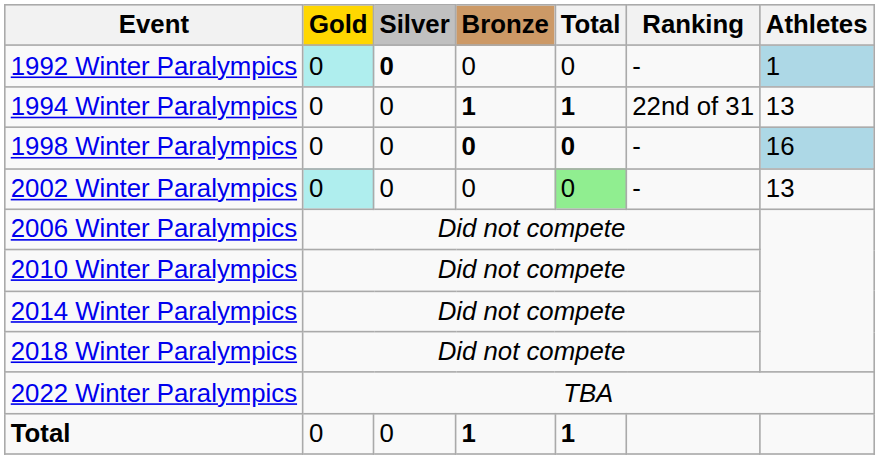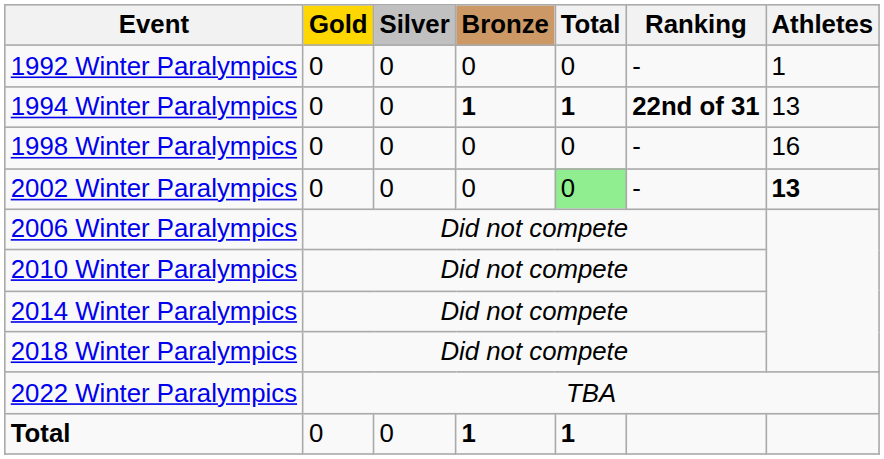 <table class="wikitable">
 <tr>
 <th>Event</th>
 <td style="background:gold; font-weight:bold;">Gold</td>
 <td style="background:silver; font-weight:bold;">Silver</td>
 <td style="background:#cc9966; font-weight:bold;">Bronze</td>
 <th>Total</th>
 <th>Ranking</th>
 <th>Athletes</th>
 </tr>
 <tr>
 <td><a href='#'>1992 Winter Paralympics</a></td>
-<td style="background: paleturquoise;">0</td>
-<td><strong>0</strong></td>
+<td>0</td>
+<td>0</td>
 <td>0</td>
 <td>0</td>
 <td>-</td>
-<td style="background: lightblue;">1</td>
+<td>1</td>
 </tr>
 <tr>
 <td><a href='#'>1994 Winter Paralympics</a></td>
 <td>0</td>
 <td>0</td>
 <td><strong>1</strong></td>
 <td><strong>1</strong></td>
-<td>22nd of 31</td>
+<td><strong>22nd of 31</strong></td>
 <td>13</td>
 </tr>
 <tr>
 <td><a href='#'>1998 Winter Paralympics</a></td>
 <td>0</td>
 <td>0</td>
-<td><strong>0</strong></td>
-<td><strong>0</strong></td>
+<td>0</td>
+<td>0</td>
 <td>-</td>
-<td style="background: lightblue;">16</td>
+<td>16</td>
 </tr>
 <tr>
 <td><a href='#'>2002 Winter Paralympics</a></td>
-<td style="background: paleturquoise;">0</td>
+<td>0</td>
 <td>0</td>
 <td>0</td>
 <td style="background: lightgreen;">0</td>
 <td>-</td>
-<td>13</td>
+<td><strong>13</strong></td>
 </tr>
 <tr>
 <td><a href='#'>2006 Winter Paralympics</a></td>
 <td align="center" colspan="5"><em>Did not compete</em></td>
 </tr>
 <tr>
 <td><a href='#'>2010 Winter Paralympics</a></td>
 <td align="center" colspan="5"><em>Did not compete</em></td>
 </tr>
 <tr>
 <td><a href='#'>2014 Winter Paralympics</a></td>
 <td align="center" colspan="5"><em>Did not compete</em></td>
 </tr>
 <tr>
 <td><a href='#'>2018 Winter Paralympics</a></td>
 <td align="center" colspan="5"><em>Did not compete</em></td>
 </tr>
 <tr>
 <td><a href='#'>2022 Winter Paralympics</a></td>
 <td align="center" colspan="6"><em>TBA</em></td>
 </tr>
 <tr>
 <td><strong>Total</strong></td>
 <td>0</td>
 <td>0</td>
 <td><strong>1</strong></td>
 <td><strong>1</strong></td>
 <td></td>
 <td></td>
 </tr>
 </table>
